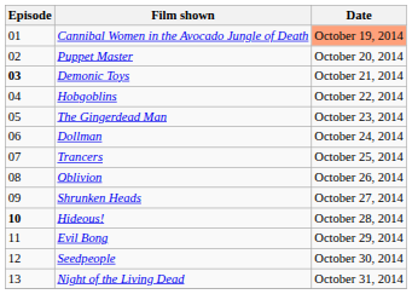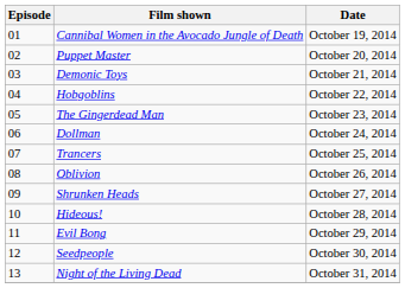 <table class="wikitable sortable">
 <tr>
 <th>Episode</th>
 <th>Film shown</th>
 <th>Date</th>
 </tr>
 <tr>
 <td>01</td>
 <td><em><a href='#'>Cannibal Women in the Avocado Jungle of Death</a></em></td>
-<td style="background: lightsalmon;">October 19, 2014</td>
+<td>October 19, 2014</td>
 </tr>
 <tr>
 <td>02</td>
 <td><em><a href='#'>Puppet Master</a></em></td>
 <td>October 20, 2014</td>
 </tr>
 <tr>
-<td><strong>03</strong></td>
+<td>03</td>
 <td><em><a href='#'>Demonic Toys</a></em></td>
 <td>October 21, 2014</td>
 </tr>
 <tr>
 <td>04</td>
 <td><em><a href='#'>Hobgoblins</a></em></td>
 <td>October 22, 2014</td>
 </tr>
 <tr>
 <td>05</td>
 <td><em><a href='#'>The Gingerdead Man</a></em></td>
 <td>October 23, 2014</td>
 </tr>
 <tr>
 <td>06</td>
 <td><em><a href='#'>Dollman</a></em></td>
 <td>October 24, 2014</td>
 </tr>
 <tr>
 <td>07</td>
 <td><em><a href='#'>Trancers</a></em></td>
 <td>October 25, 2014</td>
 </tr>
 <tr>
 <td>08</td>
 <td><em><a href='#'>Oblivion</a></em></td>
 <td>October 26, 2014</td>
 </tr>
 <tr>
 <td>09</td>
 <td><em><a href='#'>Shrunken Heads</a></em></td>
 <td>October 27, 2014</td>
 </tr>
 <tr>
-<td><strong>10</strong></td>
+<td>10</td>
 <td><em><a href='#'>Hideous!</a></em></td>
 <td>October 28, 2014</td>
 </tr>
 <tr>
 <td>11</td>
 <td><em><a href='#'>Evil Bong</a></em></td>
 <td>October 29, 2014</td>
 </tr>
 <tr>
 <td>12</td>
 <td><em><a href='#'>Seedpeople</a></em></td>
 <td>October 30, 2014</td>
 </tr>
 <tr>
 <td>13</td>
 <td><em><a href='#'>Night of the Living Dead</a></em></td>
 <td>October 31, 2014</td>
 </tr>
 <tr>
 </tr>
 </table>
